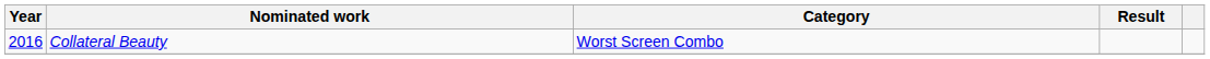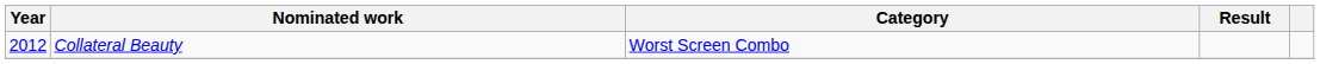 <table class="wikitable">
 <tr>
 <th scope="col" style="width:1em;">Year</th>
 <th scope="col" style="width:35em;">Nominated work</th>
 <th scope="col" style="width:35em;">Category</th>
 <th scope="col" style="width:5em;">Result</th>
 <th scope="col" style="width:1em;"></th>
 </tr>
 <tr>
-<td><a href='#'>2016</a></td>
+<td><a href='#'>2012</a></td>
 <td><em><a href='#'>Collateral Beauty</a></em></td>
 <td><a href='#'>Worst Screen Combo</a></td>
 <td></td>
 <td></td>
 </tr>
 <tr>
 </tr>
 </table>
